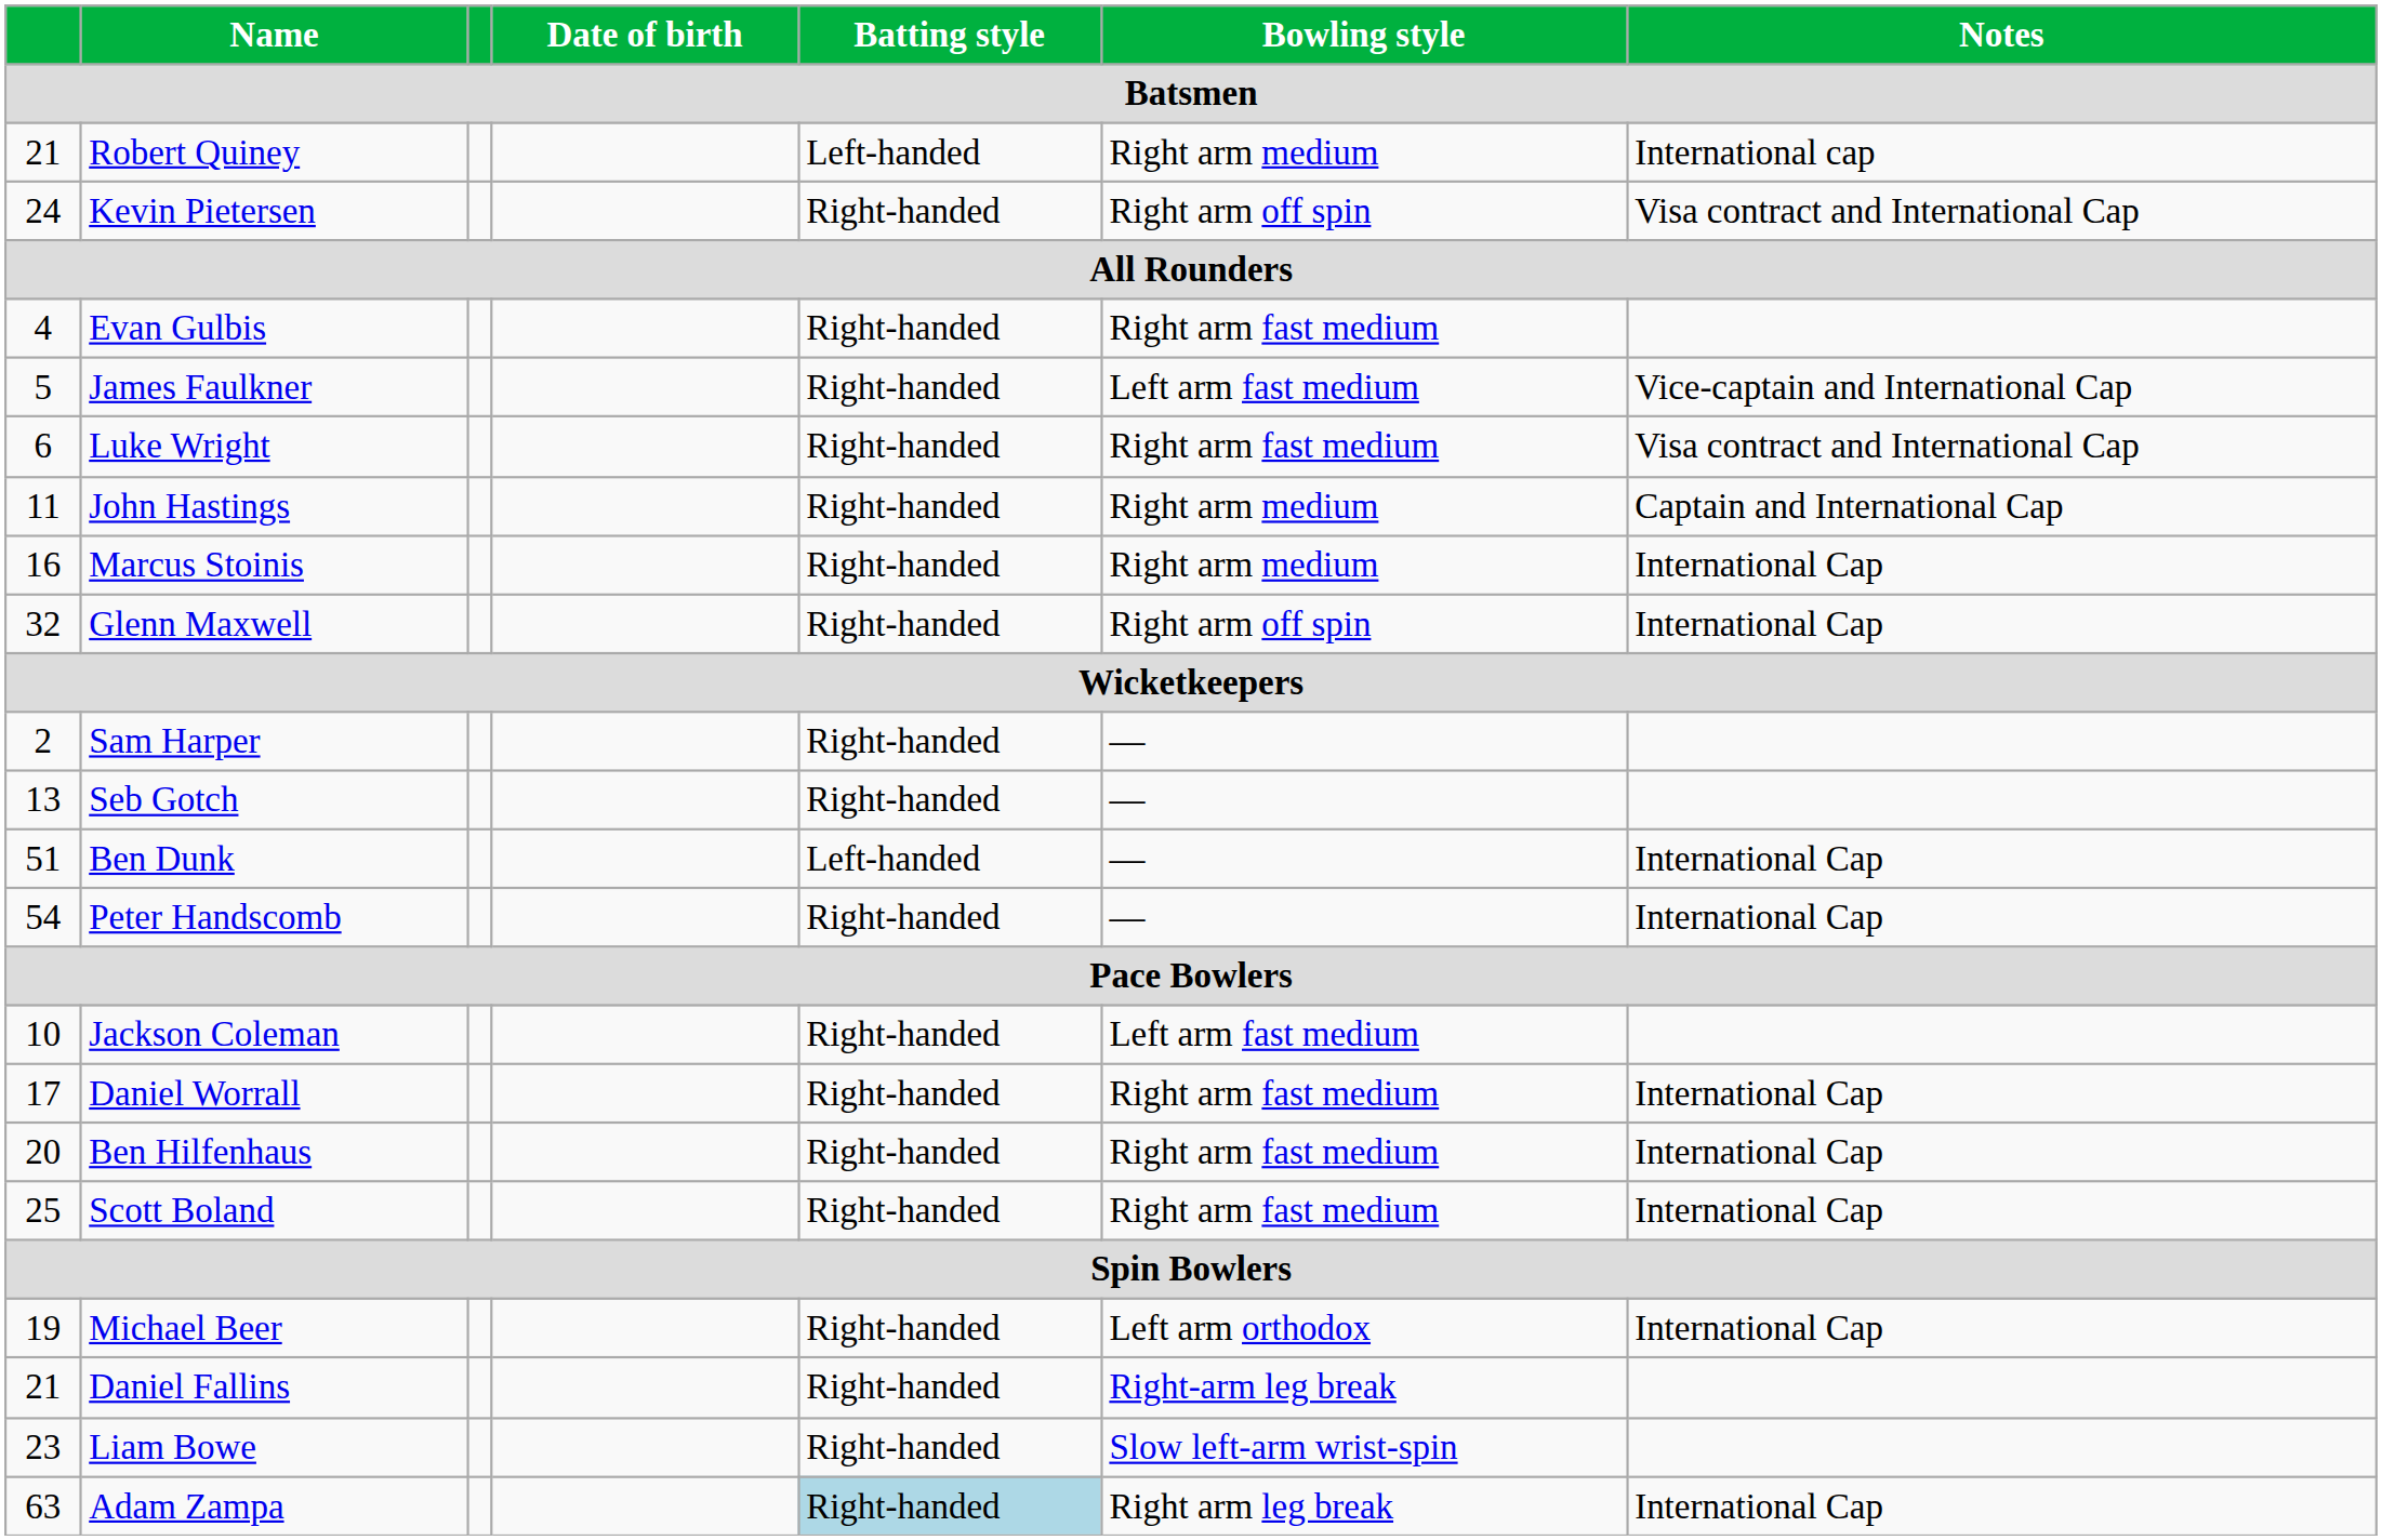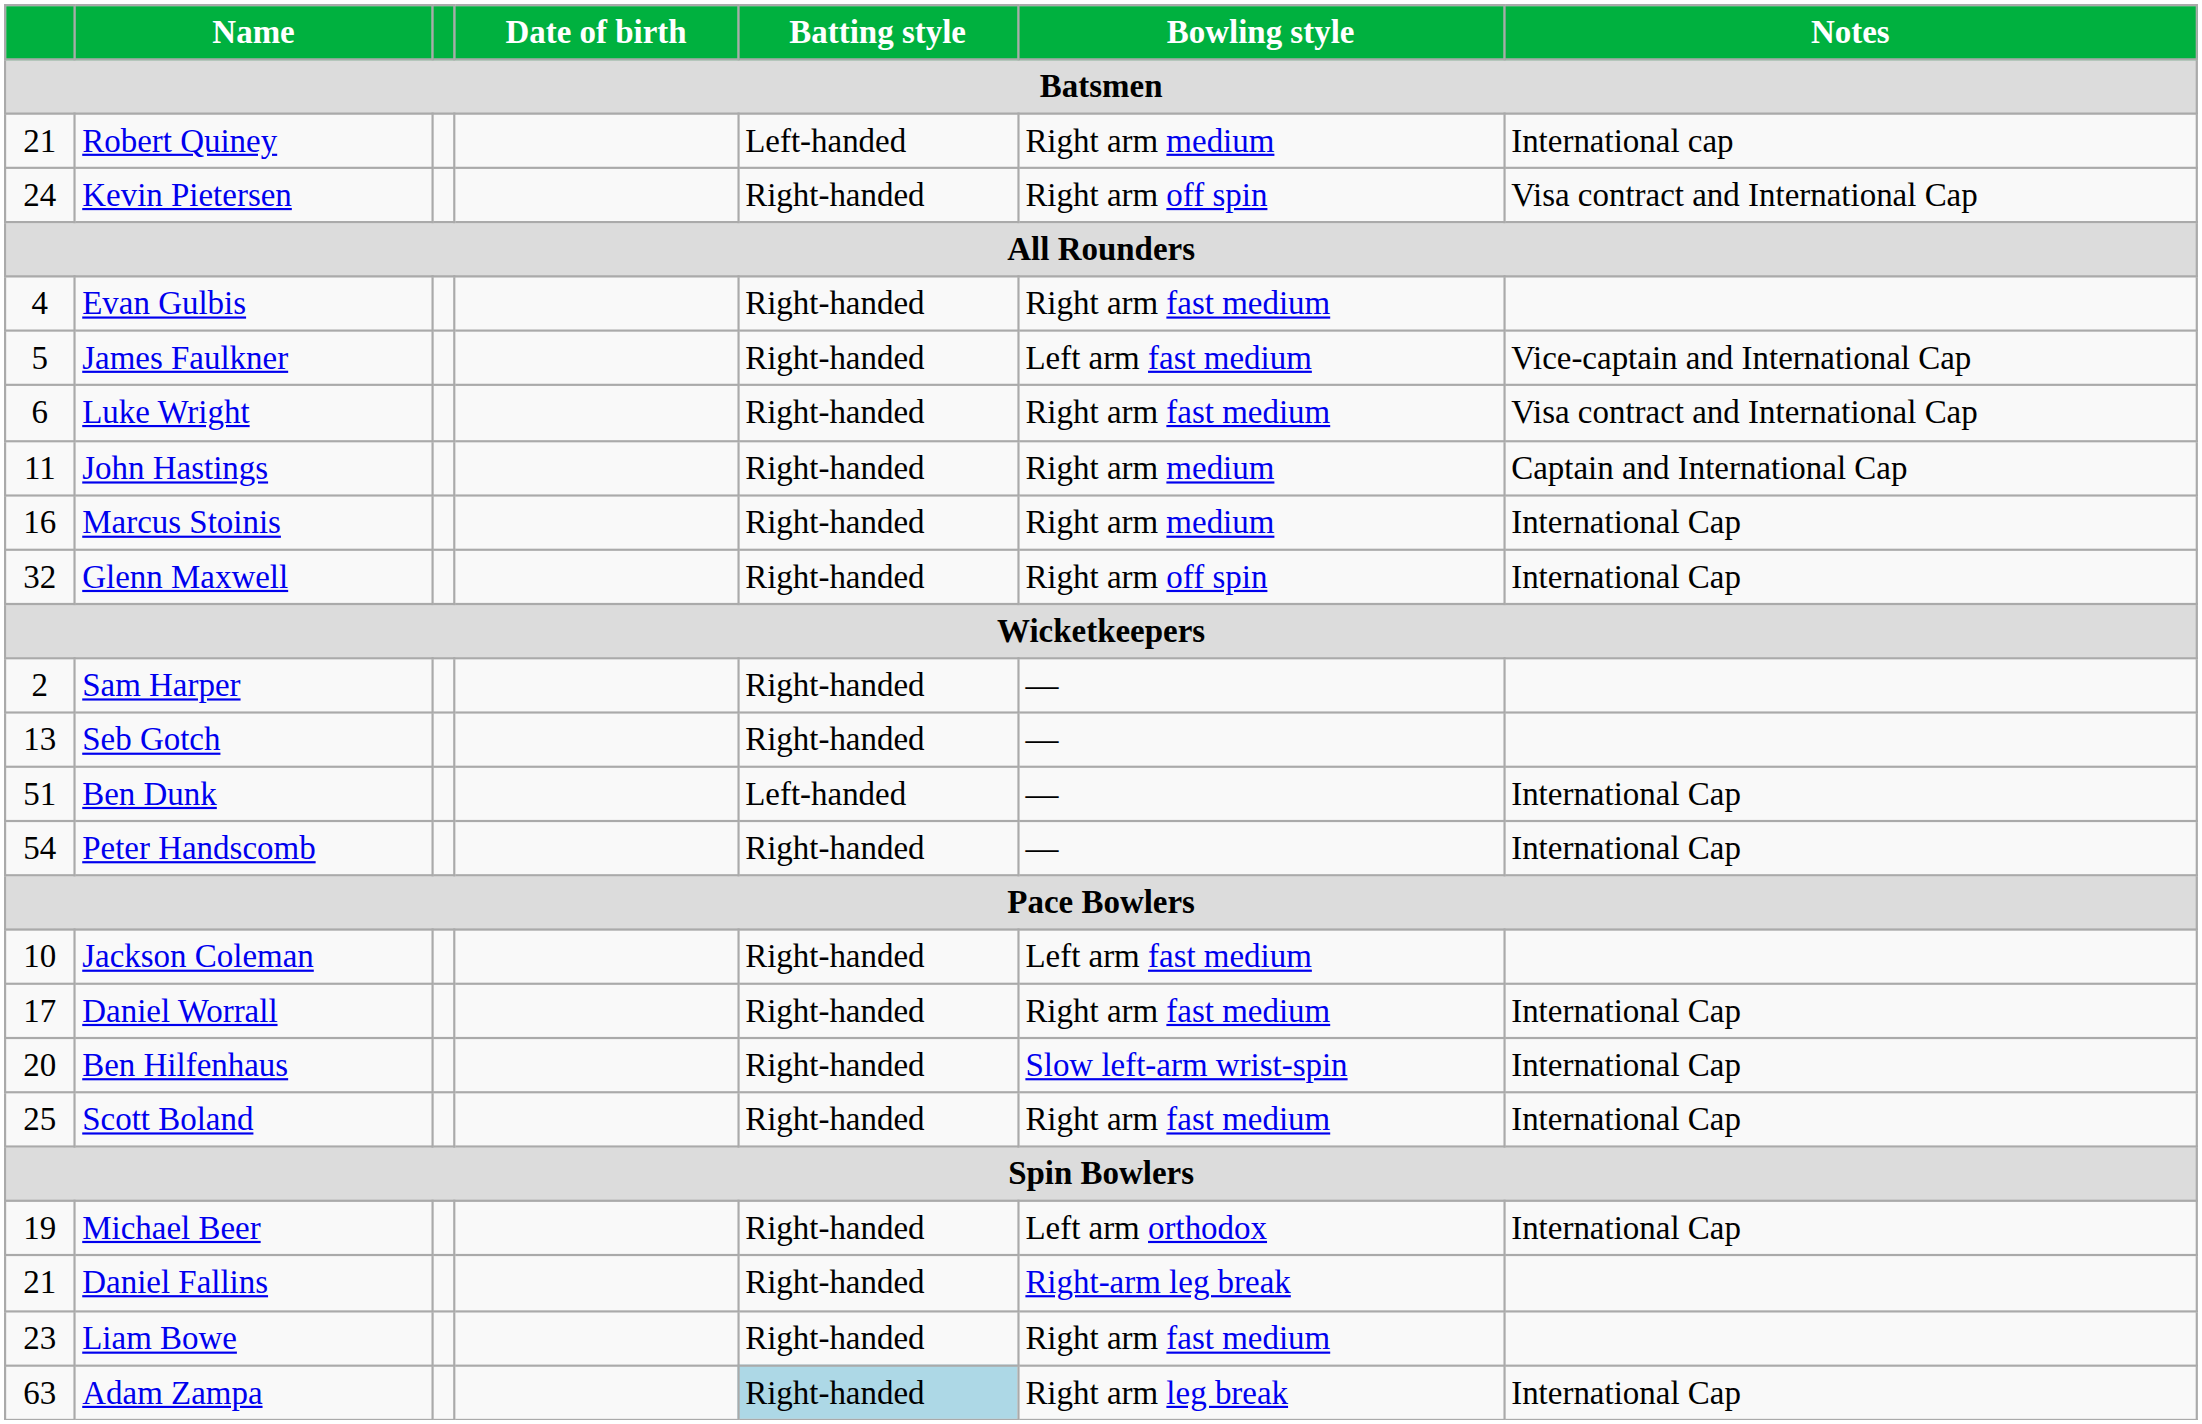 <table class="wikitable" style="font-size:95%;" width="80%">
 <tr>
 <th style="background:#00B13F; color:white"></th>
 <th style="background:#00B13F; color:white">Name</th>
 <th style="background:#00B13F; color:white"></th>
 <th style="background:#00B13F; color:white">Date of birth</th>
 <th style="background:#00B13F; color:white">Batting style</th>
 <th style="background:#00B13F; color:white">Bowling style</th>
 <th style="background:#00B13F; color:white">Notes</th>
 </tr>
 <tr>
 <th colspan="7"  style="background:#dcdcdc; text-align:center;">Batsmen</th>
 </tr>
 <tr>
 <td style="text-align:center">21</td>
 <td><a href='#'>Robert Quiney</a></td>
 <td style="text-align:center"></td>
 <td></td>
 <td>Left-handed</td>
 <td>Right arm <a href='#'>medium</a></td>
 <td>International cap</td>
 </tr>
 <tr>
 <td style="text-align:center">24</td>
 <td><a href='#'>Kevin Pietersen</a></td>
 <td style="text-align:center"></td>
 <td></td>
 <td>Right-handed</td>
 <td>Right arm <a href='#'>off spin</a></td>
 <td>Visa contract and International Cap</td>
 </tr>
 <tr>
 <th colspan="7"  style="background:#dcdcdc; text-align:center;">All Rounders</th>
 </tr>
 <tr>
 <td style="text-align:center">4</td>
 <td><a href='#'>Evan Gulbis</a></td>
 <td style="text-align:center"></td>
 <td></td>
 <td>Right-handed</td>
 <td>Right arm <a href='#'>fast medium</a></td>
 <td></td>
 </tr>
 <tr>
 <td style="text-align:center">5</td>
 <td><a href='#'>James Faulkner</a></td>
 <td style="text-align:center"></td>
 <td></td>
 <td>Right-handed</td>
 <td>Left arm <a href='#'>fast medium</a></td>
 <td>Vice-captain and International Cap</td>
 </tr>
 <tr>
 <td style="text-align:center">6</td>
 <td><a href='#'>Luke Wright</a></td>
 <td style="text-align:center"></td>
 <td></td>
 <td>Right-handed</td>
 <td>Right arm <a href='#'>fast medium</a></td>
 <td>Visa contract and International Cap</td>
 </tr>
 <tr>
 <td style="text-align:center">11</td>
 <td><a href='#'>John Hastings</a></td>
 <td style="text-align:center"></td>
 <td></td>
 <td>Right-handed</td>
 <td>Right arm <a href='#'>medium</a></td>
 <td>Captain and International Cap</td>
 </tr>
 <tr>
 <td style="text-align:center">16</td>
 <td><a href='#'>Marcus Stoinis</a></td>
 <td style="text-align:center"></td>
 <td></td>
 <td>Right-handed</td>
 <td>Right arm <a href='#'>medium</a></td>
 <td>International Cap</td>
 </tr>
 <tr>
 <td style="text-align:center">32</td>
 <td><a href='#'>Glenn Maxwell</a></td>
 <td style="text-align:center"></td>
 <td></td>
 <td>Right-handed</td>
 <td>Right arm <a href='#'>off spin</a></td>
 <td>International Cap</td>
 </tr>
 <tr ->
 <th colspan="7"  style="background:#dcdcdc; text-align:center;">Wicketkeepers</th>
 </tr>
 <tr>
 <td style="text-align:center">2</td>
 <td><a href='#'>Sam Harper</a></td>
 <td style="text-align:center"></td>
 <td></td>
 <td>Right-handed</td>
 <td>—</td>
 <td></td>
 </tr>
 <tr>
 <td style="text-align:center">13</td>
 <td><a href='#'>Seb Gotch</a></td>
 <td style="text-align:center"></td>
 <td></td>
 <td>Right-handed</td>
 <td>—</td>
 <td></td>
 </tr>
 <tr>
 <td style="text-align:center">51</td>
 <td><a href='#'>Ben Dunk</a></td>
 <td style="text-align:center"></td>
 <td></td>
 <td>Left-handed</td>
 <td>—</td>
 <td>International Cap</td>
 </tr>
 <tr>
 <td style="text-align:center">54</td>
 <td><a href='#'>Peter Handscomb</a></td>
 <td style="text-align:center"></td>
 <td></td>
 <td>Right-handed</td>
 <td>—</td>
 <td>International Cap</td>
 </tr>
 <tr>
 <th colspan="7"  style="background:#dcdcdc; text-align:center;">Pace Bowlers</th>
 </tr>
 <tr>
 <td style="text-align:center">10</td>
 <td><a href='#'>Jackson Coleman</a></td>
 <td style="text-align:center"></td>
 <td></td>
 <td>Right-handed</td>
 <td>Left arm <a href='#'>fast medium</a></td>
 <td></td>
 </tr>
 <tr>
 <td style="text-align:center">17</td>
 <td><a href='#'>Daniel Worrall</a></td>
 <td style="text-align:center"></td>
 <td></td>
 <td>Right-handed</td>
 <td>Right arm <a href='#'>fast medium</a></td>
 <td>International Cap</td>
 </tr>
 <tr>
 <td style="text-align:center">20</td>
 <td><a href='#'>Ben Hilfenhaus</a></td>
 <td style="text-align:center"></td>
 <td></td>
 <td>Right-handed</td>
-<td>Right arm <a href='#'>fast medium</a></td>
+<td><a href='#'>Slow left-arm wrist-spin</a></td>
 <td>International Cap</td>
 </tr>
 <tr>
 <td style="text-align:center">25</td>
 <td><a href='#'>Scott Boland</a></td>
 <td style="text-align:center"></td>
 <td></td>
 <td>Right-handed</td>
 <td>Right arm <a href='#'>fast medium</a></td>
 <td>International Cap</td>
 </tr>
 <tr>
 <th colspan="7"  style="background:#dcdcdc; text-align:center;">Spin Bowlers</th>
 </tr>
 <tr>
 <td style="text-align:center">19</td>
 <td><a href='#'>Michael Beer</a></td>
 <td style="text-align:center"></td>
 <td></td>
 <td>Right-handed</td>
 <td>Left arm <a href='#'>orthodox</a></td>
 <td>International Cap</td>
 </tr>
 <tr>
 <td style="text-align:center">21</td>
 <td><a href='#'>Daniel Fallins</a></td>
 <td style="text-align:center"></td>
 <td></td>
 <td>Right-handed</td>
 <td><a href='#'>Right-arm leg break</a></td>
 <td></td>
 </tr>
 <tr>
 <td style="text-align:center">23</td>
 <td><a href='#'>Liam Bowe</a></td>
 <td style="text-align:center"></td>
 <td></td>
 <td>Right-handed</td>
-<td><a href='#'>Slow left-arm wrist-spin</a></td>
+<td>Right arm <a href='#'>fast medium</a></td>
 <td></td>
 </tr>
 <tr>
 <td style="text-align:center">63</td>
 <td><a href='#'>Adam Zampa</a></td>
 <td style="text-align:center"></td>
 <td></td>
 <td style="background: lightblue;">Right-handed</td>
 <td>Right arm <a href='#'>leg break</a></td>
 <td>International Cap</td>
 </tr>
 </table>
